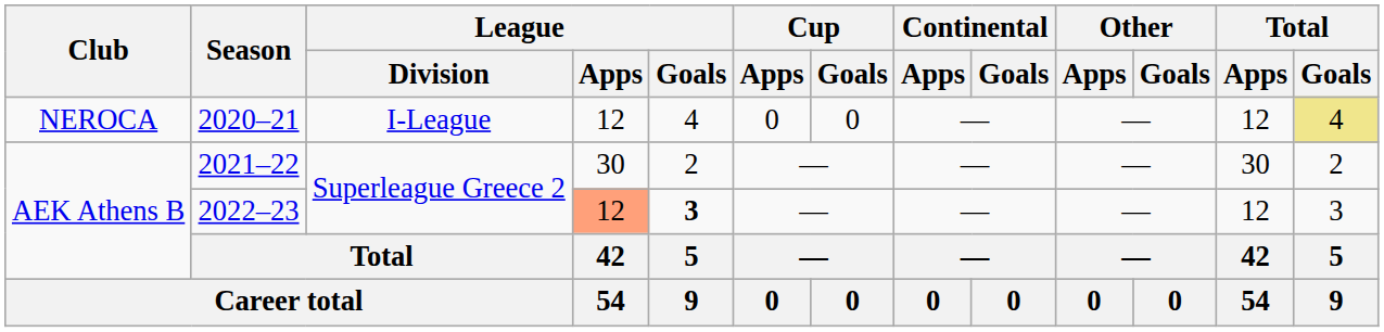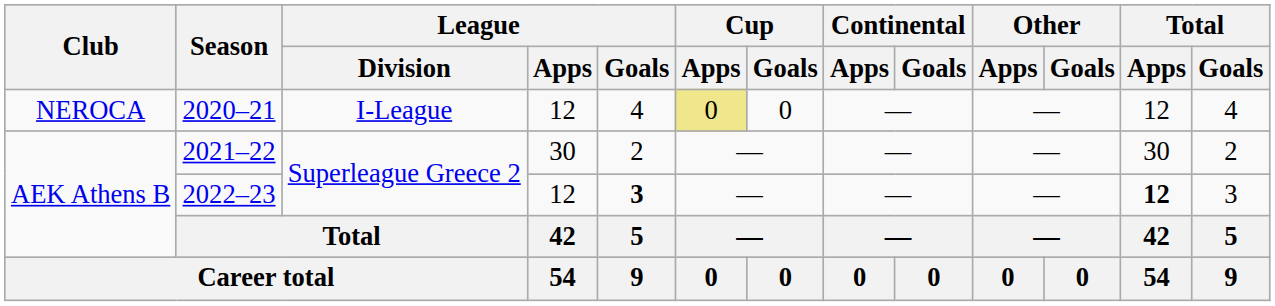 <table class="wikitable" style="text-align:center">
 <tr>
 <th rowspan=2>Club</th>
 <th rowspan=2>Season</th>
 <th colspan=3>League</th>
 <th colspan=2>Cup</th>
 <th colspan=2>Continental</th>
 <th colspan=2>Other</th>
 <th colspan=2>Total</th>
 </tr>
 <tr>
 <th>Division</th>
 <th>Apps</th>
 <th>Goals</th>
 <th>Apps</th>
 <th>Goals</th>
 <th>Apps</th>
 <th>Goals</th>
 <th>Apps</th>
 <th>Goals</th>
 <th>Apps</th>
 <th>Goals</th>
 </tr>
 <tr>
 <td><a href='#'>NEROCA</a></td>
 <td><a href='#'>2020–21</a></td>
 <td><a href='#'>I-League</a></td>
 <td>12</td>
 <td>4</td>
-<td>0</td>
+<td style="background: khaki;">0</td>
 <td>0</td>
 <td colspan="2">—</td>
 <td colspan="2">—</td>
 <td>12</td>
-<td style="background: khaki;">4</td>
+<td>4</td>
 </tr>
 <tr>
 <td rowspan="3"><a href='#'>AEK Athens B</a></td>
 <td><a href='#'>2021–22</a></td>
 <td rowspan="2"><a href='#'>Superleague Greece 2</a></td>
 <td>30</td>
 <td>2</td>
 <td colspan="2">—</td>
 <td colspan="2">—</td>
 <td colspan="2">—</td>
 <td>30</td>
 <td>2</td>
 </tr>
 <tr>
 <td><a href='#'>2022–23</a></td>
-<td style="background: lightsalmon;">12</td>
+<td>12</td>
 <td><strong>3</strong></td>
 <td colspan="2">—</td>
 <td colspan="2">—</td>
 <td colspan="2">—</td>
-<td>12</td>
+<td><strong>12</strong></td>
 <td>3</td>
 </tr>
 <tr>
 <th colspan="2">Total</th>
 <th>42</th>
 <th>5</th>
 <th colspan="2">—</th>
 <th colspan="2">—</th>
 <th colspan="2">—</th>
 <th>42</th>
 <th>5</th>
 </tr>
 <tr>
 <th colspan="3">Career total</th>
 <th>54</th>
 <th>9</th>
 <th>0</th>
 <th>0</th>
 <th>0</th>
 <th>0</th>
 <th>0</th>
 <th>0</th>
 <th>54</th>
 <th>9</th>
 </tr>
 </table>
